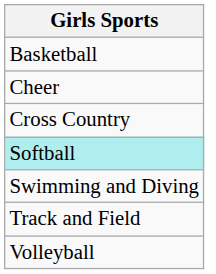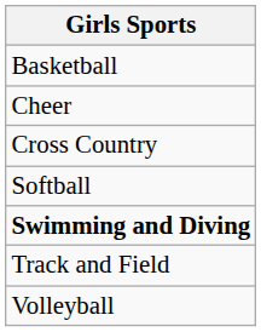 <table class="wikitable">
 <tr>
 <th>Girls Sports</th>
 </tr>
 <tr>
 <td>Basketball</td>
 </tr>
 <tr>
 <td>Cheer</td>
 </tr>
 <tr>
 <td>Cross Country</td>
 </tr>
 <tr>
-<td style="background: paleturquoise;">Softball</td>
+<td>Softball</td>
 </tr>
 <tr>
-<td>Swimming and Diving</td>
+<td><strong>Swimming and Diving</strong></td>
 </tr>
 <tr>
 <td>Track and Field</td>
 </tr>
 <tr>
 <td>Volleyball</td>
 </tr>
 </table>
